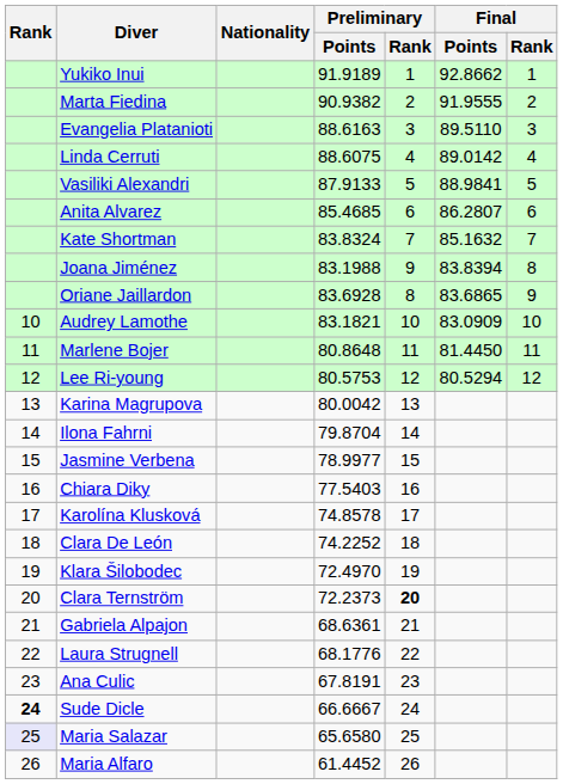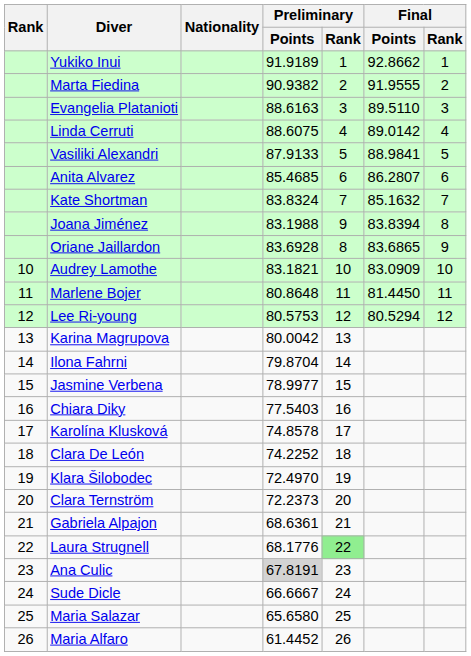 <table class="wikitable sortable" style="text-align:center">
 <tr>
 <th rowspan=2>Rank</th>
 <th rowspan=2>Diver</th>
 <th rowspan=2>Nationality</th>
 <th colspan=2>Preliminary</th>
 <th colspan=2>Final</th>
 </tr>
 <tr>
 <th>Points</th>
 <th>Rank</th>
 <th>Points</th>
 <th>Rank</th>
 </tr>
 <tr bgcolor=ccffcc>
 <td></td>
 <td align=left><a href='#'>Yukiko Inui</a></td>
 <td align=left></td>
 <td>91.9189</td>
 <td>1</td>
 <td>92.8662</td>
 <td>1</td>
 </tr>
 <tr bgcolor=ccffcc>
 <td></td>
 <td align=left><a href='#'>Marta Fiedina</a></td>
 <td align=left></td>
 <td>90.9382</td>
 <td>2</td>
 <td>91.9555</td>
 <td>2</td>
 </tr>
 <tr bgcolor=ccffcc>
 <td></td>
 <td align=left><a href='#'>Evangelia Platanioti</a></td>
 <td align=left></td>
 <td>88.6163</td>
 <td>3</td>
 <td>89.5110</td>
 <td>3</td>
 </tr>
 <tr bgcolor=ccffcc>
 <td></td>
 <td align=left><a href='#'>Linda Cerruti</a></td>
 <td align=left></td>
 <td>88.6075</td>
 <td>4</td>
 <td>89.0142</td>
 <td>4</td>
 </tr>
 <tr bgcolor=ccffcc>
 <td></td>
 <td align=left><a href='#'>Vasiliki Alexandri</a></td>
 <td align=left></td>
 <td>87.9133</td>
 <td>5</td>
 <td>88.9841</td>
 <td>5</td>
 </tr>
 <tr bgcolor=ccffcc>
 <td></td>
 <td align=left><a href='#'>Anita Alvarez</a></td>
 <td align=left></td>
 <td>85.4685</td>
 <td>6</td>
 <td>86.2807</td>
 <td>6</td>
 </tr>
 <tr bgcolor=ccffcc>
 <td></td>
 <td align=left><a href='#'>Kate Shortman</a></td>
 <td align=left></td>
 <td>83.8324</td>
 <td>7</td>
 <td>85.1632</td>
 <td>7</td>
 </tr>
 <tr bgcolor=ccffcc>
 <td></td>
 <td align=left><a href='#'>Joana Jiménez</a></td>
 <td align=left></td>
 <td>83.1988</td>
 <td>9</td>
 <td>83.8394</td>
 <td>8</td>
 </tr>
 <tr bgcolor=ccffcc>
 <td></td>
 <td align=left><a href='#'>Oriane Jaillardon</a></td>
 <td align=left></td>
 <td>83.6928</td>
 <td>8</td>
 <td>83.6865</td>
 <td>9</td>
 </tr>
 <tr bgcolor=ccffcc>
 <td>10</td>
 <td align=left><a href='#'>Audrey Lamothe</a></td>
 <td align=left></td>
 <td>83.1821</td>
 <td>10</td>
 <td>83.0909</td>
 <td>10</td>
 </tr>
 <tr bgcolor=ccffcc>
 <td>11</td>
 <td align=left><a href='#'>Marlene Bojer</a></td>
 <td align=left></td>
 <td>80.8648</td>
 <td>11</td>
 <td>81.4450</td>
 <td>11</td>
 </tr>
 <tr bgcolor=ccffcc>
 <td>12</td>
 <td align=left><a href='#'>Lee Ri-young</a></td>
 <td align=left></td>
 <td>80.5753</td>
 <td>12</td>
 <td>80.5294</td>
 <td>12</td>
 </tr>
 <tr>
 <td>13</td>
 <td align=left><a href='#'>Karina Magrupova</a></td>
 <td align=left></td>
 <td>80.0042</td>
 <td>13</td>
 <td></td>
 <td></td>
 </tr>
 <tr>
 <td>14</td>
 <td align=left><a href='#'>Ilona Fahrni</a></td>
 <td align=left></td>
 <td>79.8704</td>
 <td>14</td>
 <td></td>
 <td></td>
 </tr>
 <tr>
 <td>15</td>
 <td align=left><a href='#'>Jasmine Verbena</a></td>
 <td align=left></td>
 <td>78.9977</td>
 <td>15</td>
 <td></td>
 <td></td>
 </tr>
 <tr>
 <td>16</td>
 <td align=left><a href='#'>Chiara Diky</a></td>
 <td align=left></td>
 <td>77.5403</td>
 <td>16</td>
 <td></td>
 <td></td>
 </tr>
 <tr>
 <td>17</td>
 <td align=left><a href='#'>Karolína Klusková</a></td>
 <td align=left></td>
 <td>74.8578</td>
 <td>17</td>
 <td></td>
 <td></td>
 </tr>
 <tr>
 <td>18</td>
 <td align=left><a href='#'>Clara De León</a></td>
 <td align=left></td>
 <td>74.2252</td>
 <td>18</td>
 <td></td>
 <td></td>
 </tr>
 <tr>
 <td>19</td>
 <td align=left><a href='#'>Klara Šilobodec</a></td>
 <td align=left></td>
 <td>72.4970</td>
 <td>19</td>
 <td></td>
 <td></td>
 </tr>
 <tr>
 <td>20</td>
 <td align=left><a href='#'>Clara Ternström</a></td>
 <td align=left></td>
 <td>72.2373</td>
-<td><strong>20</strong></td>
+<td>20</td>
 <td></td>
 <td></td>
 </tr>
 <tr>
 <td>21</td>
 <td align=left><a href='#'>Gabriela Alpajon</a></td>
 <td align=left></td>
 <td>68.6361</td>
 <td>21</td>
 <td></td>
 <td></td>
 </tr>
 <tr>
 <td>22</td>
 <td align=left><a href='#'>Laura Strugnell</a></td>
 <td align=left></td>
 <td>68.1776</td>
-<td>22</td>
+<td style="background: lightgreen;">22</td>
 <td></td>
 <td></td>
 </tr>
 <tr>
 <td>23</td>
 <td align=left><a href='#'>Ana Culic</a></td>
 <td align=left></td>
-<td>67.8191</td>
+<td style="background: lightgrey;">67.8191</td>
 <td>23</td>
 <td></td>
 <td></td>
 </tr>
 <tr>
-<td><strong>24</strong></td>
+<td>24</td>
 <td align=left><a href='#'>Sude Dicle</a></td>
 <td align=left></td>
 <td>66.6667</td>
 <td>24</td>
 <td></td>
 <td></td>
 </tr>
 <tr>
-<td style="background: lavender;">25</td>
+<td>25</td>
 <td align=left><a href='#'>Maria Salazar</a></td>
 <td align=left></td>
 <td>65.6580</td>
 <td>25</td>
 <td></td>
 <td></td>
 </tr>
 <tr>
 <td>26</td>
 <td align=left><a href='#'>Maria Alfaro</a></td>
 <td align=left></td>
 <td>61.4452</td>
 <td>26</td>
 <td></td>
 <td></td>
 </tr>
 </table>
